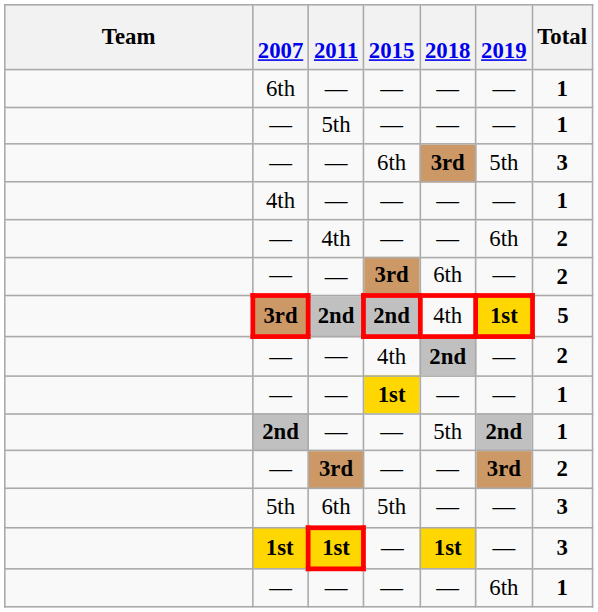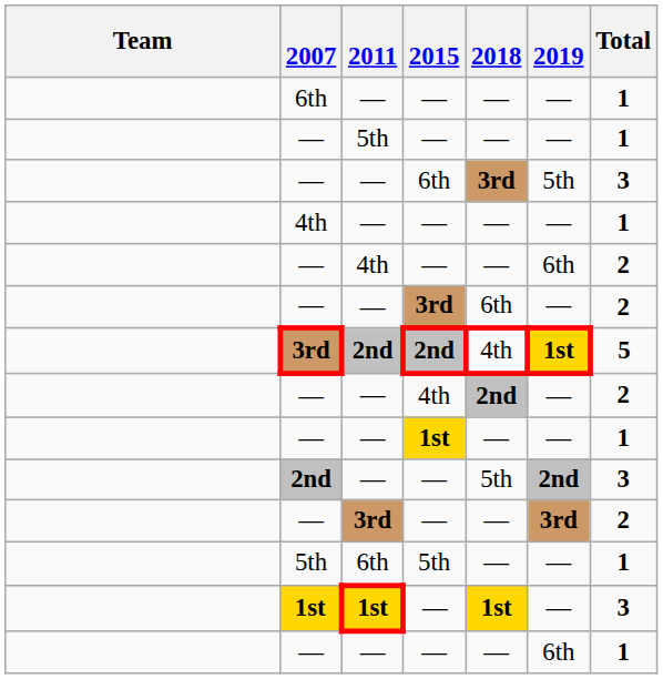 <table class="wikitable" style="text-align:center; font-size:90%">
 <tr>
 <th width=150>Team</th>
 <th><br><a href='#'>2007</a></th>
 <th><br><a href='#'>2011</a></th>
 <th><br><a href='#'>2015</a></th>
 <th><br><a href='#'>2018</a></th>
 <th><br><a href='#'>2019</a></th>
 <th>Total</th>
 </tr>
 <tr>
 <td align=left></td>
 <td>6th</td>
 <td>—</td>
 <td>—</td>
 <td>—</td>
 <td>—</td>
 <td><strong>1</strong></td>
 </tr>
 <tr>
 <td align=left></td>
 <td>—</td>
 <td>5th</td>
 <td>—</td>
 <td>—</td>
 <td>—</td>
 <td><strong>1</strong></td>
 </tr>
 <tr>
 <td align=left></td>
 <td>—</td>
 <td>—</td>
 <td>6th</td>
 <td bgcolor=#cc9966><strong>3rd</strong></td>
 <td>5th</td>
 <td><strong>3</strong></td>
 </tr>
 <tr>
 <td align=left></td>
 <td>4th</td>
 <td>—</td>
 <td>—</td>
 <td>—</td>
 <td>—</td>
 <td><strong>1</strong></td>
 </tr>
 <tr>
 <td align=left></td>
 <td>—</td>
 <td>4th</td>
 <td>—</td>
 <td>—</td>
 <td>6th</td>
 <td><strong>2</strong></td>
 </tr>
 <tr>
 <td align=left></td>
 <td>—</td>
 <td>—</td>
 <td bgcolor=#cc9966><strong>3rd</strong></td>
 <td>6th</td>
 <td>—</td>
 <td><strong>2</strong></td>
 </tr>
 <tr>
 <td align=left></td>
 <td style="border: 3px solid red" bgcolor=#cc9966><strong>3rd</strong></td>
 <td bgcolor=Silver><strong>2nd</strong></td>
 <td style="border: 3px solid red" bgcolor=Silver><strong>2nd</strong></td>
 <td style="border: 3px solid red">4th</td>
 <td style="border: 3px solid red" bgcolor=Gold><strong>1st</strong></td>
 <td><strong>5</strong></td>
 </tr>
 <tr>
 <td align="left"></td>
 <td>—</td>
 <td>—</td>
 <td>4th</td>
 <td bgcolor="Silver"><strong>2nd</strong></td>
 <td>—</td>
 <td><strong>2</strong></td>
 </tr>
 <tr>
 <td align=left></td>
 <td>—</td>
 <td>—</td>
 <td bgcolor=Gold><strong>1st</strong></td>
 <td>—</td>
 <td>—</td>
 <td><strong>1</strong></td>
 </tr>
 <tr>
 <td align=left></td>
 <td bgcolor=Silver><strong>2nd</strong></td>
 <td>—</td>
 <td>—</td>
 <td>5th</td>
 <td bgcolor=Silver><strong>2nd</strong></td>
-<td><strong>1</strong></td>
+<td><strong>3</strong></td>
 </tr>
 <tr>
 <td align=left></td>
 <td>—</td>
 <td bgcolor=#cc9966><strong>3rd</strong></td>
 <td>—</td>
 <td>—</td>
 <td bgcolor=#cc9966><strong>3rd</strong></td>
 <td><strong>2</strong></td>
 </tr>
 <tr>
 <td align=left></td>
 <td>5th</td>
 <td>6th</td>
 <td>5th</td>
 <td>—</td>
 <td>—</td>
-<td><strong>3</strong></td>
+<td><strong>1</strong></td>
 </tr>
 <tr>
 <td align=left></td>
 <td bgcolor=Gold><strong>1st</strong></td>
 <td style="border: 3px solid red" bgcolor=Gold><strong>1st</strong></td>
 <td>—</td>
 <td bgcolor=Gold><strong>1st</strong></td>
 <td>—</td>
 <td><strong>3</strong></td>
 </tr>
 <tr>
 <td align=left></td>
 <td>—</td>
 <td>—</td>
 <td>—</td>
 <td>—</td>
 <td>6th</td>
 <td><strong>1</strong></td>
 </tr>
 </table>
